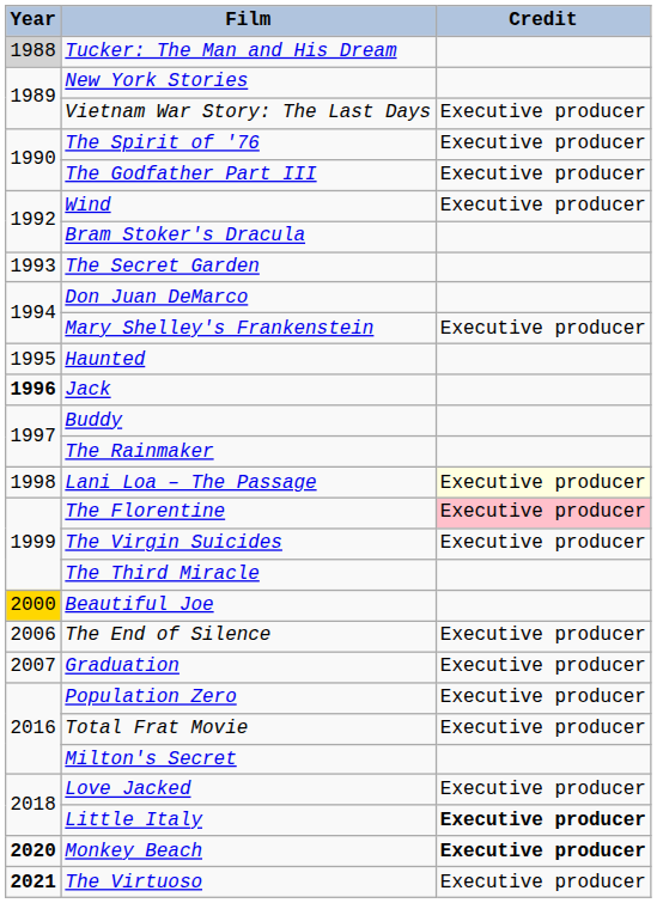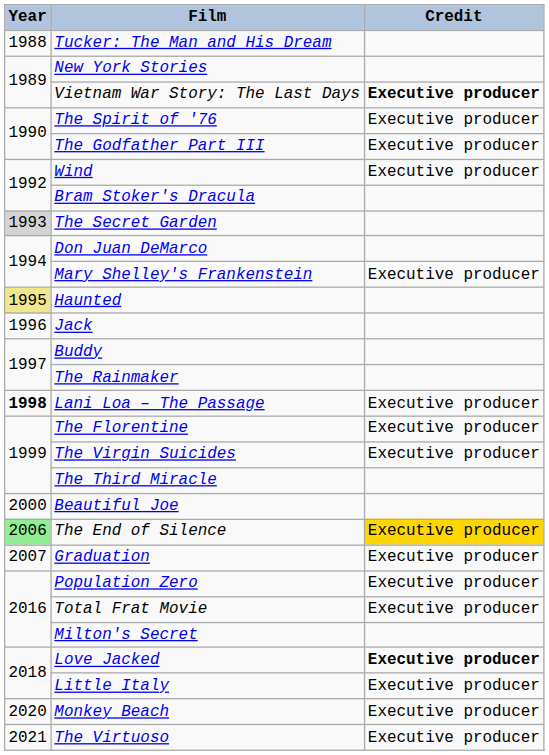 <table class="wikitable" style="font-size:95%;">
 <tr>
 <th style="background:#B0C4DE;">Year</th>
 <th style="background:#B0C4DE;">Film</th>
 <th style="background:#B0C4DE;">Credit</th>
 </tr>
 <tr>
-<td style="background: lightgrey;">1988</td>
+<td>1988</td>
 <td><em><a href='#'>Tucker: The Man and His Dream</a></em></td>
 <td></td>
 </tr>
 <tr>
 <td rowspan=2>1989</td>
 <td><em><a href='#'>New York Stories</a></em></td>
 <td></td>
 </tr>
 <tr>
 <td><em>Vietnam War Story: The Last Days</em></td>
-<td>Executive producer</td>
+<td><strong>Executive producer</strong></td>
 </tr>
 <tr>
 <td rowspan=2>1990</td>
 <td><em><a href='#'>The Spirit of '76</a></em></td>
 <td>Executive producer</td>
 </tr>
 <tr>
 <td><em><a href='#'>The Godfather Part III</a></em></td>
 <td>Executive producer</td>
 </tr>
 <tr>
 <td rowspan=2>1992</td>
 <td><em><a href='#'>Wind</a></em></td>
 <td>Executive producer</td>
 </tr>
 <tr>
 <td><em><a href='#'>Bram Stoker's Dracula</a></em></td>
 <td></td>
 </tr>
 <tr>
-<td>1993</td>
+<td style="background: lightgrey;">1993</td>
 <td><em><a href='#'>The Secret Garden</a></em></td>
 <td></td>
 </tr>
 <tr>
 <td rowspan=2>1994</td>
 <td><em><a href='#'>Don Juan DeMarco</a></em></td>
 <td></td>
 </tr>
 <tr>
 <td><em><a href='#'>Mary Shelley's Frankenstein</a></em></td>
 <td>Executive producer</td>
 </tr>
 <tr>
-<td>1995</td>
+<td style="background: khaki;">1995</td>
 <td><em><a href='#'>Haunted</a></em></td>
 <td></td>
 </tr>
 <tr>
-<td><strong>1996</strong></td>
+<td>1996</td>
 <td><em><a href='#'>Jack</a></em></td>
 <td></td>
 </tr>
 <tr>
 <td rowspan=2>1997</td>
 <td><em><a href='#'>Buddy</a></em></td>
 <td></td>
 </tr>
 <tr>
 <td><em><a href='#'>The Rainmaker</a></em></td>
 <td></td>
 </tr>
 <tr>
-<td>1998</td>
+<td><strong>1998</strong></td>
 <td><em><a href='#'>Lani Loa – The Passage</a></em></td>
-<td style="background: lightyellow;">Executive producer</td>
+<td>Executive producer</td>
 </tr>
 <tr>
 <td rowspan=3>1999</td>
 <td><em><a href='#'>The Florentine</a></em></td>
-<td style="background: pink;">Executive producer</td>
+<td>Executive producer</td>
 </tr>
 <tr>
 <td><em><a href='#'>The Virgin Suicides</a></em></td>
 <td>Executive producer</td>
 </tr>
 <tr>
 <td><em><a href='#'>The Third Miracle</a></em></td>
 <td></td>
 </tr>
 <tr>
-<td style="background: gold;">2000</td>
+<td>2000</td>
 <td><em><a href='#'>Beautiful Joe</a></em></td>
 <td></td>
 </tr>
 <tr>
-<td>2006</td>
+<td style="background: lightgreen;">2006</td>
 <td><em>The End of Silence</em></td>
-<td>Executive producer</td>
+<td style="background: gold;">Executive producer</td>
 </tr>
 <tr>
 <td>2007</td>
 <td><em><a href='#'>Graduation</a></em></td>
 <td>Executive producer</td>
 </tr>
 <tr>
 <td rowspan=3>2016</td>
 <td><em><a href='#'>Population Zero</a></em></td>
 <td>Executive producer</td>
 </tr>
 <tr>
 <td><em>Total Frat Movie</em></td>
 <td>Executive producer</td>
 </tr>
 <tr>
 <td><em><a href='#'>Milton's Secret</a></em></td>
 <td></td>
 </tr>
 <tr>
 <td rowspan=2>2018</td>
 <td><em><a href='#'>Love Jacked</a></em></td>
+<td><strong>Executive producer</strong></td>
+</tr>
+<tr>
+<td><em><a href='#'>Little Italy</a></em></td>
 <td>Executive producer</td>
 </tr>
 <tr>
-<td><em><a href='#'>Little Italy</a></em></td>
-<td><strong>Executive producer</strong></td>
+<td>2020</td>
+<td><em><a href='#'>Monkey Beach</a></em></td>
+<td>Executive producer</td>
 </tr>
 <tr>
-<td><strong>2020</strong></td>
-<td><em><a href='#'>Monkey Beach</a></em></td>
-<td><strong>Executive producer</strong></td>
-</tr>
-<tr>
-<td><strong>2021</strong></td>
+<td>2021</td>
 <td><em><a href='#'>The Virtuoso</a></em></td>
 <td>Executive producer</td>
 </tr>
 </table>
